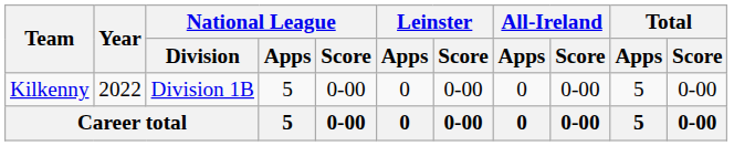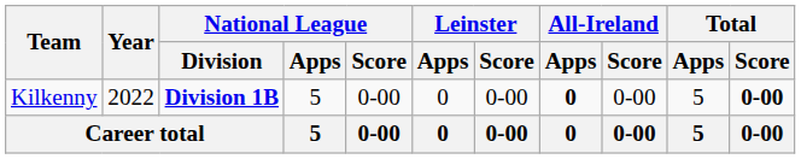 <table class="wikitable" style="text-align:center">
 <tr>
 <th rowspan="2">Team</th>
 <th rowspan="2">Year</th>
 <th colspan="3"><a href='#'>National League</a></th>
 <th colspan="2"><a href='#'>Leinster</a></th>
 <th colspan="2"><a href='#'>All-Ireland</a></th>
 <th colspan="2">Total</th>
 </tr>
 <tr>
 <th>Division</th>
 <th>Apps</th>
 <th>Score</th>
 <th>Apps</th>
 <th>Score</th>
 <th>Apps</th>
 <th>Score</th>
 <th>Apps</th>
 <th>Score</th>
 </tr>
 <tr>
 <td rowspan="1"><a href='#'>Kilkenny</a></td>
 <td>2022</td>
-<td rowspan="1"><a href='#'>Division 1B</a></td>
+<td rowspan="1"><strong><a href='#'>Division 1B</a></strong></td>
 <td>5</td>
 <td>0-00</td>
 <td>0</td>
 <td>0-00</td>
-<td>0</td>
+<td><strong>0</strong></td>
 <td>0-00</td>
 <td>5</td>
-<td>0-00</td>
+<td><strong>0-00</strong></td>
 </tr>
 <tr>
 <th colspan="3">Career total</th>
 <th>5</th>
 <th>0-00</th>
 <th>0</th>
 <th>0-00</th>
 <th>0</th>
 <th>0-00</th>
 <th>5</th>
 <th>0-00</th>
 </tr>
 </table>
